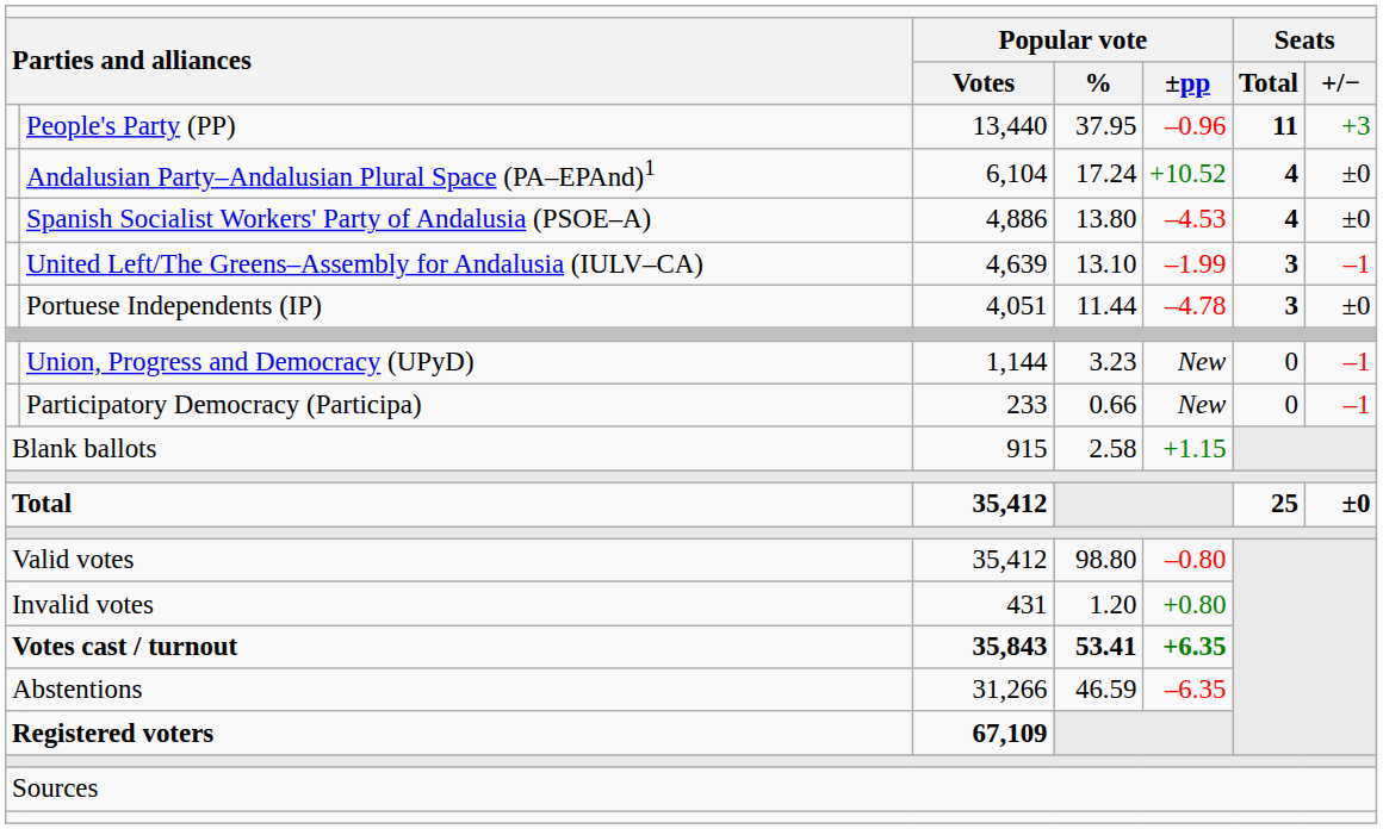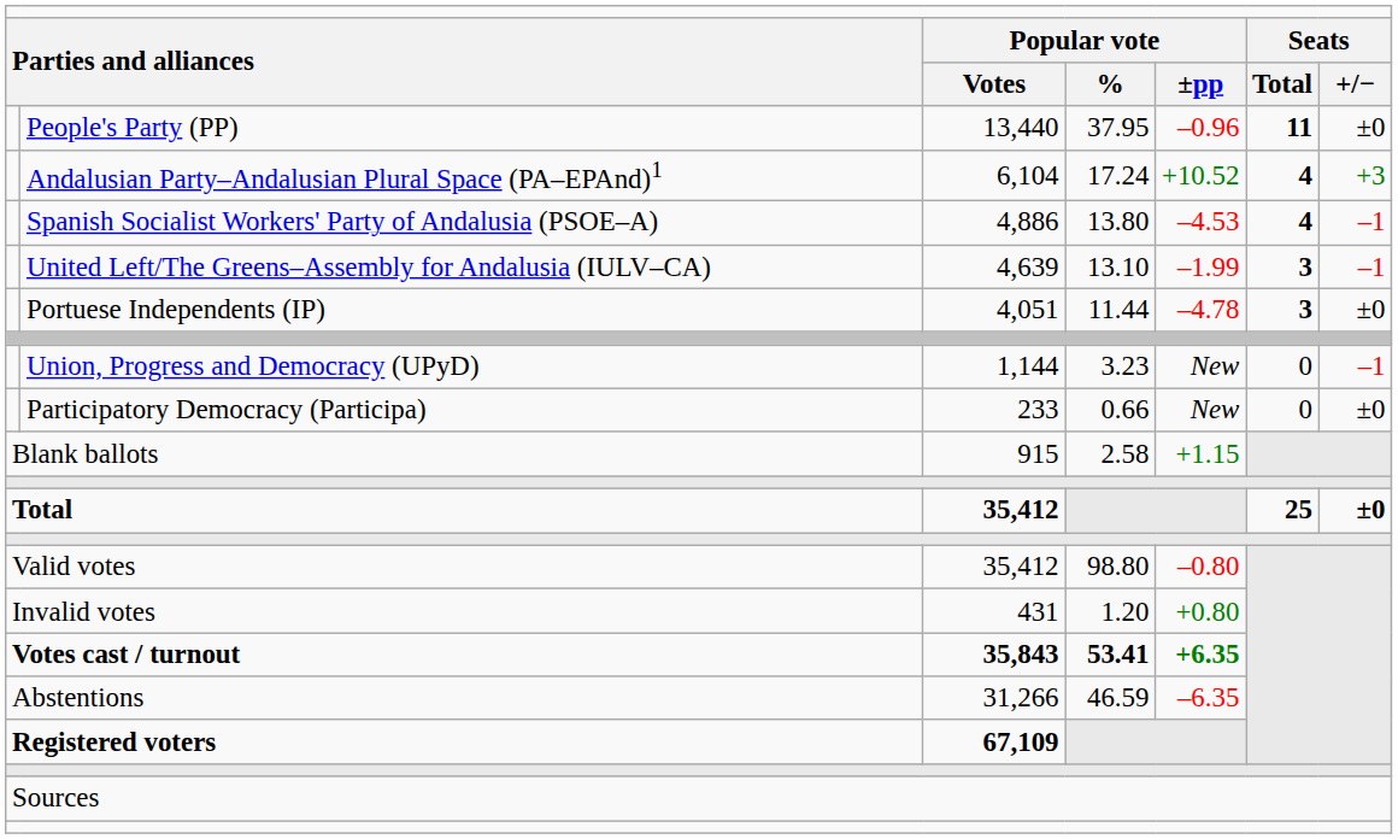 <table class="wikitable" style="text-align:right;">
 <tr>
 <td colspan="7"></td>
 </tr>
 <tr>
 <th style="text-align:left;" rowspan="2" colspan="2" width="525">Parties and alliances</th>
 <th colspan="3">Popular vote</th>
 <th colspan="2">Seats</th>
 </tr>
 <tr>
 <th width="75">Votes</th>
 <th width="45">%</th>
 <th width="45">±<a href='#'>pp</a></th>
 <th width="35">Total</th>
 <th width="35">+/−</th>
 </tr>
 <tr>
 <td width="1" style="color:inherit;background:"></td>
 <td align="left"><a href='#'>People's Party</a> (PP)</td>
 <td>13,440</td>
 <td>37.95</td>
 <td style="color:red;">–0.96</td>
 <td><strong>11</strong></td>
-<td style="color:green;">+3</td>
+<td>±0</td>
 </tr>
 <tr>
 <td style="color:inherit;background:"></td>
 <td align="left"><a href='#'>Andalusian Party–Andalusian Plural Space</a> (PA–EPAnd)<sup>1</sup></td>
 <td>6,104</td>
 <td>17.24</td>
 <td style="color:green;">+10.52</td>
 <td><strong>4</strong></td>
-<td>±0</td>
+<td style="color:green;">+3</td>
 </tr>
 <tr>
 <td style="color:inherit;background:"></td>
 <td align="left"><a href='#'>Spanish Socialist Workers' Party of Andalusia</a> (PSOE–A)</td>
 <td>4,886</td>
 <td>13.80</td>
 <td style="color:red;">–4.53</td>
 <td><strong>4</strong></td>
-<td>±0</td>
+<td style="color:red;">–1</td>
 </tr>
 <tr>
 <td style="color:inherit;background:"></td>
 <td align="left"><a href='#'>United Left/The Greens–Assembly for Andalusia</a> (IULV–CA)</td>
 <td>4,639</td>
 <td>13.10</td>
 <td style="color:red;">–1.99</td>
 <td><strong>3</strong></td>
 <td style="color:red;">–1</td>
 </tr>
 <tr>
 <td style="color:inherit;background:"></td>
 <td align="left">Portuese Independents (IP)</td>
 <td>4,051</td>
 <td>11.44</td>
 <td style="color:red;">–4.78</td>
 <td><strong>3</strong></td>
 <td>±0</td>
 </tr>
 <tr>
 <td colspan="7" bgcolor="#C0C0C0"></td>
 </tr>
 <tr>
 <td style="color:inherit;background:"></td>
 <td align="left"><a href='#'>Union, Progress and Democracy</a> (UPyD)</td>
 <td>1,144</td>
 <td>3.23</td>
 <td><em>New</em></td>
 <td>0</td>
 <td style="color:red;">–1</td>
 </tr>
 <tr>
 <td style="color:inherit;background:"></td>
 <td align="left">Participatory Democracy (Participa)</td>
 <td>233</td>
 <td>0.66</td>
 <td><em>New</em></td>
 <td>0</td>
-<td style="color:red;">–1</td>
+<td>±0</td>
 </tr>
 <tr>
 <td align="left" colspan="2">Blank ballots</td>
 <td>915</td>
 <td>2.58</td>
 <td style="color:green;">+1.15</td>
 <td bgcolor="#E9E9E9" colspan="2"></td>
 </tr>
 <tr>
 <td colspan="7" bgcolor="#E9E9E9"></td>
 </tr>
 <tr style="font-weight:bold;">
 <td align="left" colspan="2">Total</td>
 <td>35,412</td>
 <td bgcolor="#E9E9E9" colspan="2"></td>
 <td>25</td>
 <td>±0</td>
 </tr>
 <tr>
 <td colspan="7" bgcolor="#E9E9E9"></td>
 </tr>
 <tr>
 <td align="left" colspan="2">Valid votes</td>
 <td>35,412</td>
 <td>98.80</td>
 <td style="color:red;">–0.80</td>
 <td bgcolor="#E9E9E9" colspan="2" rowspan="5"></td>
 </tr>
 <tr>
 <td align="left" colspan="2">Invalid votes</td>
 <td>431</td>
 <td>1.20</td>
 <td style="color:green;">+0.80</td>
 </tr>
 <tr style="font-weight:bold;">
 <td align="left" colspan="2">Votes cast / turnout</td>
 <td>35,843</td>
 <td>53.41</td>
 <td style="color:green;">+6.35</td>
 </tr>
 <tr>
 <td align="left" colspan="2">Abstentions</td>
 <td>31,266</td>
 <td>46.59</td>
 <td style="color:red;">–6.35</td>
 </tr>
 <tr style="font-weight:bold;">
 <td align="left" colspan="2">Registered voters</td>
 <td>67,109</td>
 <td bgcolor="#E9E9E9" colspan="2"></td>
 </tr>
 <tr>
 <td colspan="7" bgcolor="#E9E9E9"></td>
 </tr>
 <tr>
 <td align="left" colspan="7">Sources</td>
 </tr>
 <tr>
 <td colspan="7" style="text-align:left; max-width:790px;"></td>
 </tr>
 </table>
